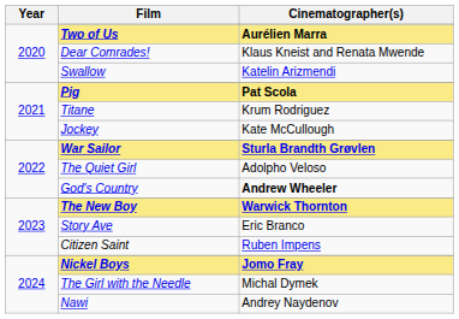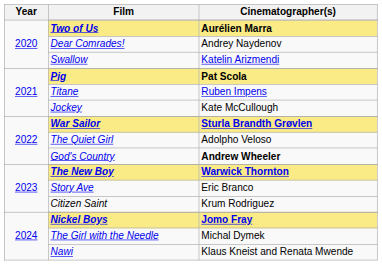 <table class="wikitable" width="95%" cellpadding="5">
 <tr>
 <th width="100"><strong>Year</strong></th>
 <th width="450"><strong>Film</strong></th>
 <th width="450"><strong>Cinematographer(s)</strong></th>
 </tr>
 <tr>
 <td rowspan="4" style="text-align:center;"><a href='#'>2020</a><br></td>
 </tr>
 <tr>
 <td style="background:#FAEB86;"><strong><em><a href='#'>Two of Us</a></em></strong></td>
 <td style="background:#FAEB86;"><strong>Aurélien Marra</strong></td>
 </tr>
 <tr>
 <td><em><a href='#'>Dear Comrades!</a></em></td>
-<td>Klaus Kneist and Renata Mwende</td>
+<td>Andrey Naydenov</td>
 </tr>
 <tr>
 <td><em><a href='#'>Swallow</a></em></td>
 <td><a href='#'>Katelin Arizmendi</a></td>
 </tr>
 <tr>
 <td rowspan="4" style="text-align:center;"><a href='#'>2021</a></td>
 </tr>
 <tr>
 <td style="background:#FAEB86;"><strong><em><a href='#'>Pig</a></em></strong></td>
 <td style="background:#FAEB86;"><strong>Pat Scola</strong></td>
 </tr>
 <tr>
 <td><em><a href='#'>Titane</a></em></td>
-<td>Krum Rodriguez</td>
+<td><a href='#'>Ruben Impens</a></td>
 </tr>
 <tr>
 <td><em><a href='#'>Jockey</a></em></td>
 <td>Kate McCullough</td>
 </tr>
 <tr>
 <td rowspan="4" style="text-align:center;"><a href='#'>2022</a></td>
 </tr>
 <tr>
 <td style="background:#FAEB86;"><strong><em><a href='#'>War Sailor</a></em></strong></td>
 <td style="background:#FAEB86;"><strong><a href='#'>Sturla Brandth Grøvlen</a></strong></td>
 </tr>
 <tr>
 <td><em><a href='#'>The Quiet Girl</a></em></td>
 <td>Adolpho Veloso</td>
 </tr>
 <tr>
 <td><em><a href='#'>God's Country</a></em></td>
 <td><strong>Andrew Wheeler</strong></td>
 </tr>
 <tr>
 <td rowspan="4" style="text-align:center;"><a href='#'>2023</a></td>
 </tr>
 <tr>
 <td style="background:#FAEB86;"><strong><em><a href='#'>The New Boy</a></em></strong></td>
 <td style="background:#FAEB86;"><strong><a href='#'>Warwick Thornton</a></strong></td>
 </tr>
 <tr>
 <td><em><a href='#'>Story Ave</a></em></td>
 <td>Eric Branco</td>
 </tr>
 <tr>
 <td><em>Citizen Saint </em></td>
-<td><a href='#'>Ruben Impens</a></td>
+<td>Krum Rodriguez</td>
 </tr>
 <tr>
 <td rowspan="4" style="text-align:center;"><a href='#'>2024</a></td>
 </tr>
 <tr>
 <td style="background:#FAEB86;"><strong><em><a href='#'>Nickel Boys</a></em></strong></td>
 <td style="background:#FAEB86;"><strong><a href='#'>Jomo Fray</a></strong></td>
 </tr>
 <tr>
 <td><em><a href='#'>The Girl with the Needle</a></em></td>
 <td>Michal Dymek</td>
 </tr>
 <tr>
 <td><em><a href='#'>Nawi</a></em></td>
-<td>Andrey Naydenov</td>
+<td>Klaus Kneist and Renata Mwende</td>
 </tr>
 </table>
